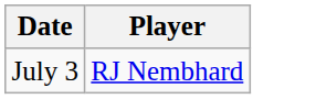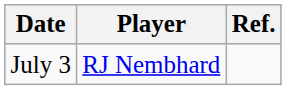 <table class="wikitable sortable sortable" style="text-align: center">
 <tr>
 <th>Date</th>
 <th>Player</th>
+<th>Ref.</th>
 </tr>
 <tr>
 <td>July 3</td>
 <td><a href='#'>RJ Nembhard</a></td>
+<td></td>
 </tr>
 </table>
